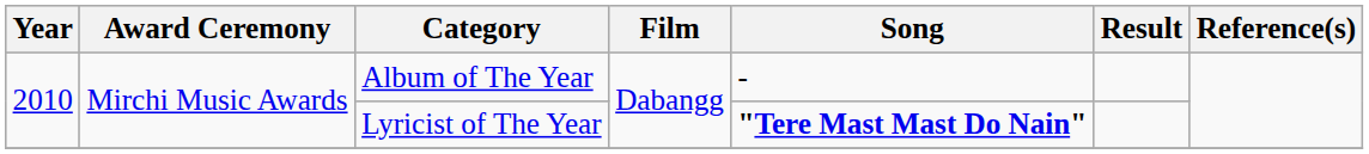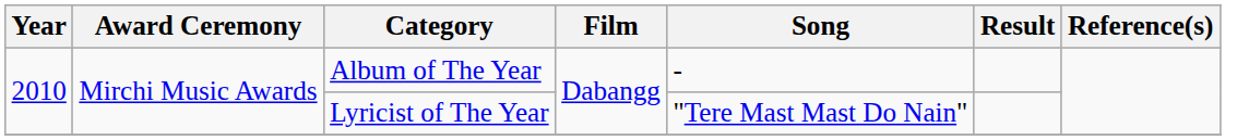 <table class="wikitable">
 <tr>
 <th>Year</th>
 <th>Award Ceremony</th>
 <th>Category</th>
 <th>Film</th>
 <th>Song</th>
 <th>Result</th>
 <th>Reference(s)</th>
 </tr>
 <tr>
 <td rowspan="2"><a href='#'>2010</a></td>
 <td rowspan="2"><a href='#'>Mirchi Music Awards</a></td>
 <td><a href='#'>Album of The Year</a></td>
 <td rowspan="2"><a href='#'>Dabangg</a></td>
 <td>-</td>
 <td></td>
 <td rowspan="2"></td>
 </tr>
 <tr>
 <td><a href='#'>Lyricist of The Year</a></td>
-<td><strong>"<a href='#'>Tere Mast Mast Do Nain</a>"</strong></td>
+<td>"<a href='#'>Tere Mast Mast Do Nain</a>"</td>
 <td></td>
 </tr>
 <tr>
 </tr>
 </table>
